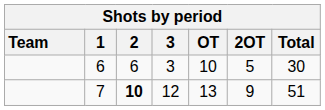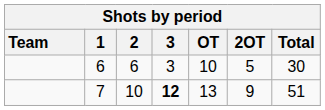 <table class="wikitable" style="width:20em; text-align:right;">
 <tr>
 <th colspan=7>Shots by period</th>
 </tr>
 <tr>
 <th style="width:8em; text-align:left;">Team</th>
 <th style="width:3em;">1</th>
 <th style="width:3em;">2</th>
 <th style="width:3em;">3</th>
 <th style="width:3em;">OT</th>
 <th style="width:3em;">2OT</th>
 <th style="width:3em;">Total</th>
 </tr>
 <tr>
 <td style="text-align:left;"></td>
 <td align=center>6</td>
 <td align=center>6</td>
 <td align=center>3</td>
 <td align=center>10</td>
 <td align=center>5</td>
 <td align=center>30</td>
 </tr>
 <tr>
 <td style="text-align:left;"></td>
 <td align=center>7</td>
-<td align=center><strong>10</strong></td>
-<td align=center>12</td>
+<td align=center>10</td>
+<td align=center><strong>12</strong></td>
 <td align=center>13</td>
 <td align=center>9</td>
 <td align=center>51</td>
 </tr>
 </table>
